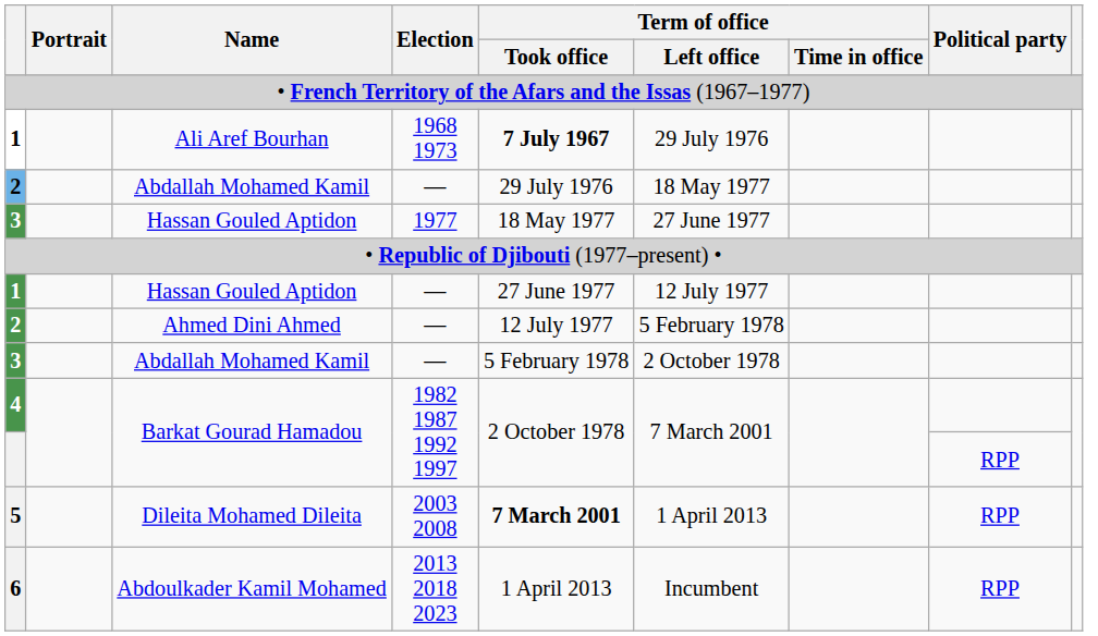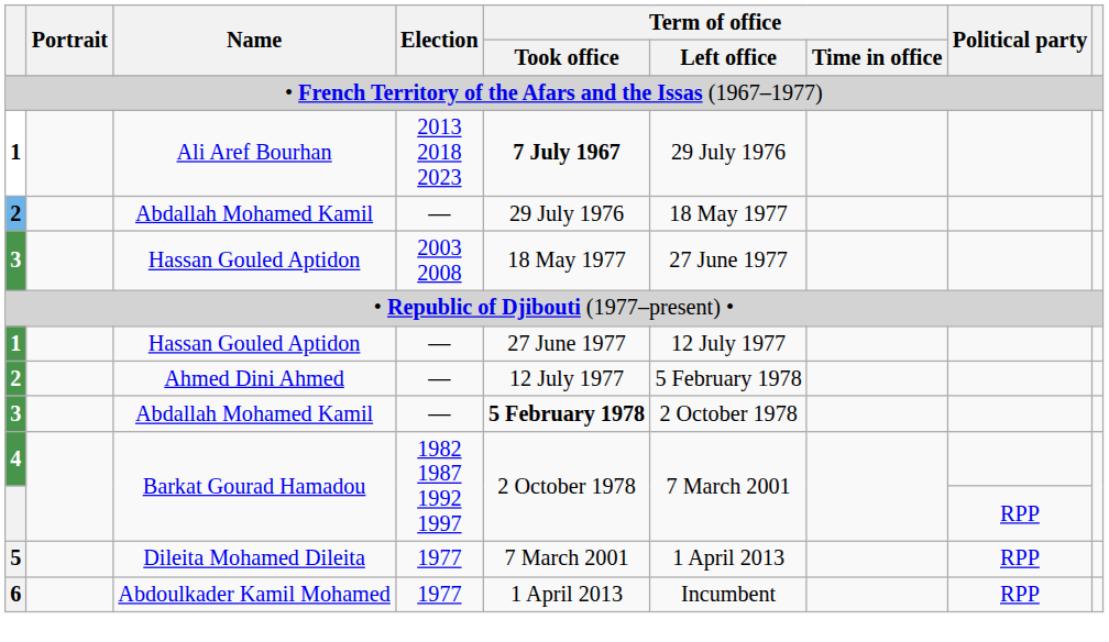 <table class="wikitable" style="text-align:center">
 <tr>
 <th rowspan="2"></th>
 <th rowspan="2">Portrait</th>
 <th rowspan="2">Name<br></th>
 <th rowspan="2">Election</th>
 <th colspan="3">Term of office</th>
 <th rowspan="2">Political party<br></th>
 <th rowspan="2"></th>
 </tr>
 <tr>
 <th>Took office</th>
 <th>Left office</th>
 <th>Time in office</th>
 </tr>
 <tr>
 <td colspan="9" bgcolor="lightgrey"> • <strong><a href='#'>French Territory of the Afars and the Issas</a></strong> (1967–1977)</td>
 </tr>
 <tr>
 <th style="background:#FFFFFF;">1</th>
 <td></td>
 <td><a href='#'>Ali Aref Bourhan</a><br></td>
-<td><a href='#'>1968</a><br><a href='#'>1973</a></td>
+<td><a href='#'>2013</a><br><a href='#'>2018</a><br><a href='#'>2023</a></td>
 <td><strong>7 July 1967</strong></td>
 <td>29 July 1976</td>
 <td></td>
 <td></td>
 <td></td>
 </tr>
 <tr>
 <th style="background:#6AB2E7;">2</th>
 <td></td>
 <td><a href='#'>Abdallah Mohamed Kamil</a><br></td>
 <td>—</td>
 <td>29 July 1976</td>
 <td>18 May 1977</td>
 <td></td>
 <td></td>
 <td></td>
 </tr>
 <tr>
 <th style="background:#48944B; color:white;">3</th>
 <td></td>
 <td><a href='#'>Hassan Gouled Aptidon</a><br></td>
-<td><a href='#'>1977</a></td>
+<td><a href='#'>2003</a><br><a href='#'>2008</a></td>
 <td>18 May 1977</td>
 <td>27 June 1977</td>
 <td></td>
 <td></td>
 <td></td>
 </tr>
 <tr>
 <td colspan="9" bgcolor="lightgrey"> • <strong><a href='#'>Republic of Djibouti</a></strong> (1977–present) • </td>
 </tr>
 <tr>
 <th style="background:#48944B; color:white;">1</th>
 <td></td>
 <td><a href='#'>Hassan Gouled Aptidon</a><br></td>
 <td>—</td>
 <td>27 June 1977</td>
 <td>12 July 1977</td>
 <td></td>
 <td></td>
 <td></td>
 </tr>
 <tr>
 <th style="background:#48944B; color:white;">2</th>
 <td></td>
 <td><a href='#'>Ahmed Dini Ahmed</a><br></td>
 <td>—</td>
 <td>12 July 1977</td>
 <td>5 February 1978</td>
 <td></td>
 <td></td>
 <td></td>
 </tr>
 <tr>
 <th style="background:#48944B; color:white;">3</th>
 <td></td>
 <td><a href='#'>Abdallah Mohamed Kamil</a><br></td>
 <td>—</td>
-<td>5 February 1978</td>
+<td><strong>5 February 1978</strong></td>
 <td>2 October 1978</td>
 <td></td>
 <td></td>
 <td></td>
 </tr>
 <tr>
 <th style="background:#48944B; color:white;">4</th>
 <td rowspan="2"></td>
 <td rowspan="2"><a href='#'>Barkat Gourad Hamadou</a><br></td>
 <td rowspan="2"><a href='#'>1982</a><br><a href='#'>1987</a><br><a href='#'>1992</a><br><a href='#'>1997</a></td>
 <td rowspan="2">2 October 1978</td>
 <td rowspan="2">7 March 2001</td>
 <td rowspan="2"></td>
 <td><br></td>
 <td rowspan="2"></td>
 </tr>
 <tr>
 <th style="background:"></th>
 <td><a href='#'>RPP</a></td>
 </tr>
 <tr>
 <th style="background:">5</th>
 <td></td>
 <td><a href='#'>Dileita Mohamed Dileita</a><br></td>
-<td><a href='#'>2003</a><br><a href='#'>2008</a></td>
-<td><strong>7 March 2001</strong></td>
+<td><a href='#'>1977</a></td>
+<td>7 March 2001</td>
 <td>1 April 2013</td>
 <td></td>
 <td><a href='#'>RPP</a><br></td>
 <td></td>
 </tr>
 <tr>
 <th style="background:">6</th>
 <td></td>
 <td><a href='#'>Abdoulkader Kamil Mohamed</a><br></td>
-<td><a href='#'>2013</a><br><a href='#'>2018</a><br><a href='#'>2023</a></td>
+<td><a href='#'>1977</a></td>
 <td>1 April 2013</td>
 <td>Incumbent</td>
 <td></td>
 <td><a href='#'>RPP</a><br></td>
 <td></td>
 </tr>
 </table>
